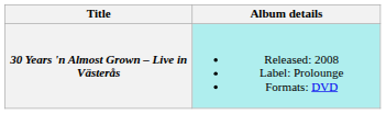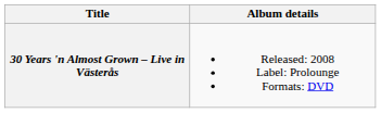 <table class="wikitable plainrowheaders" style="text-align:center;">
 <tr>
 <th scope="col" style="width:15em;">Title</th>
 <th scope="col" style="width:15em;">Album details</th>
 </tr>
 <tr>
 <th scope="row"><em>30 Years 'n Almost Grown – Live in Västerås</em></th>
-<td style="background: paleturquoise;"><br><ul><li>Released: 2008</li><li>Label: Prolounge</li><li>Formats: <a href='#'>DVD</a></li></ul></td>
+<td><br><ul><li>Released: 2008</li><li>Label: Prolounge</li><li>Formats: <a href='#'>DVD</a></li></ul></td>
 </tr>
 </table>
